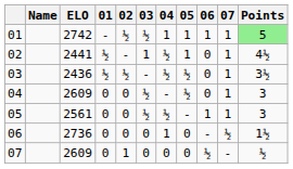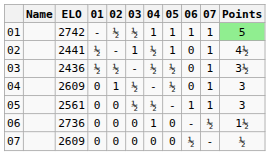 <table class="wikitable" style="text-align:center;">
 <tr>
 <th></th>
 <th>Name</th>
 <th>ELO</th>
 <th>01</th>
 <th>02</th>
 <th>03</th>
 <th>04</th>
 <th>05</th>
 <th>06</th>
 <th>07</th>
 <th>Points</th>
 </tr>
 <tr>
 <td>01</td>
 <td style="text-align:left;" data-sort-value="Svidler"></td>
 <td>2742</td>
 <td>-</td>
 <td>½</td>
 <td>½</td>
 <td>1</td>
 <td>1</td>
 <td>1</td>
 <td>1</td>
 <td style="background: lightgreen;">5</td>
 </tr>
 <tr>
 <td>02</td>
 <td style="text-align:left;" data-sort-value="Mamedov"></td>
 <td>2441</td>
 <td>½</td>
 <td>-</td>
 <td>1</td>
 <td>½</td>
 <td>1</td>
 <td>0</td>
 <td>1</td>
 <td>4½</td>
 </tr>
 <tr>
 <td>03</td>
 <td style="text-align:left;" data-sort-value="Narayanan"></td>
 <td>2436</td>
 <td>½</td>
 <td>½</td>
 <td>-</td>
 <td>½</td>
 <td>½</td>
 <td>0</td>
 <td>1</td>
 <td>3½</td>
 </tr>
 <tr>
 <td>04</td>
 <td style="text-align:left;" data-sort-value="Shankland"></td>
 <td>2609</td>
 <td>0</td>
-<td>0</td>
+<td>1</td>
 <td>½</td>
 <td>-</td>
 <td>½</td>
 <td>0</td>
 <td>1</td>
 <td>3</td>
 </tr>
 <tr>
 <td>05</td>
 <td style="text-align:left;" data-sort-value="Bluebaum"></td>
 <td>2561</td>
 <td>0</td>
 <td>0</td>
 <td>½</td>
 <td>½</td>
 <td>-</td>
 <td>1</td>
 <td>1</td>
 <td>3</td>
 </tr>
 <tr>
 <td>06</td>
 <td style="text-align:left;" data-sort-value="Oparin"></td>
 <td>2736</td>
 <td>0</td>
 <td>0</td>
 <td>0</td>
 <td>1</td>
 <td>0</td>
 <td>-</td>
 <td>½</td>
 <td>1½</td>
 </tr>
 <tr>
 <td>07</td>
 <td style="text-align:left;" data-sort-value="Jones"></td>
 <td>2609</td>
 <td>0</td>
-<td>1</td>
+<td>0</td>
 <td>0</td>
 <td>0</td>
 <td>0</td>
 <td>½</td>
 <td>-</td>
 <td>½</td>
 </tr>
 </table>
